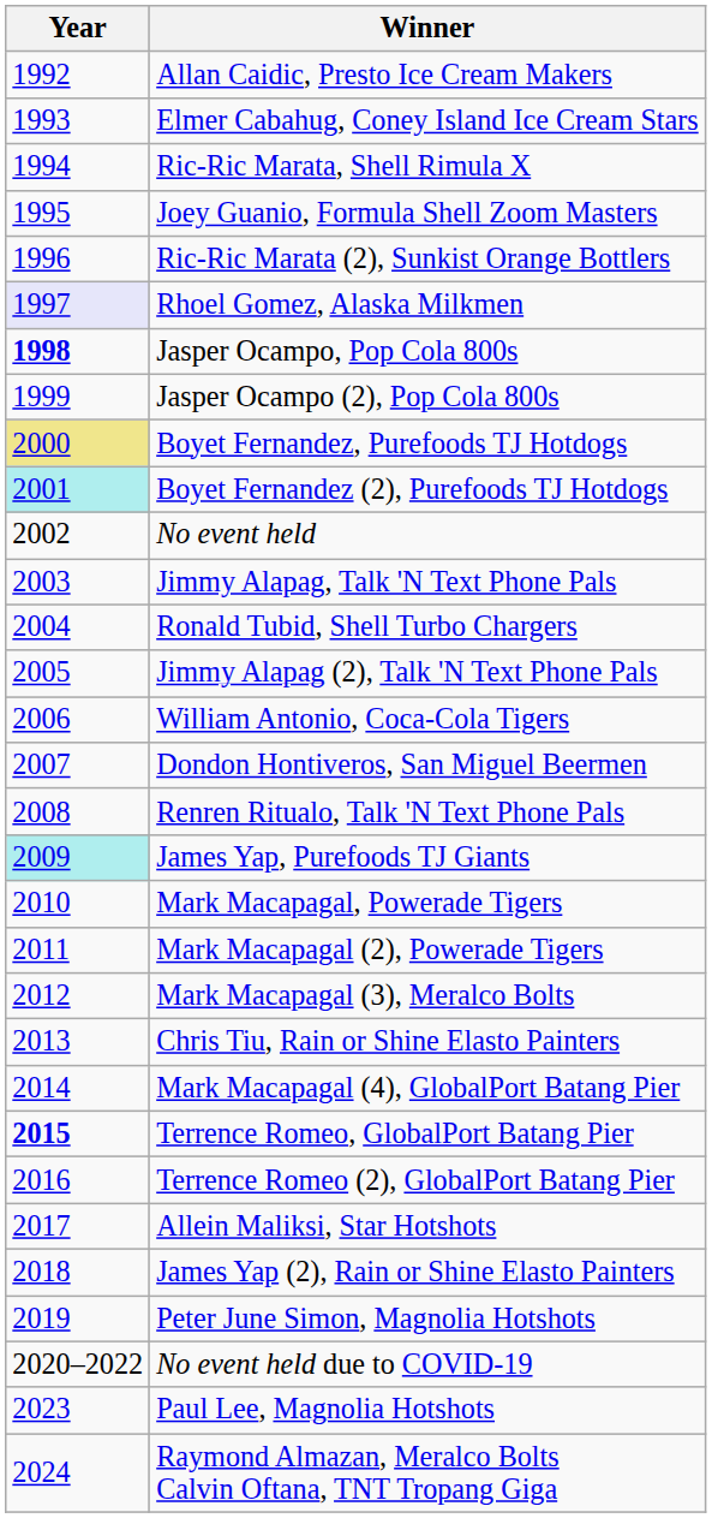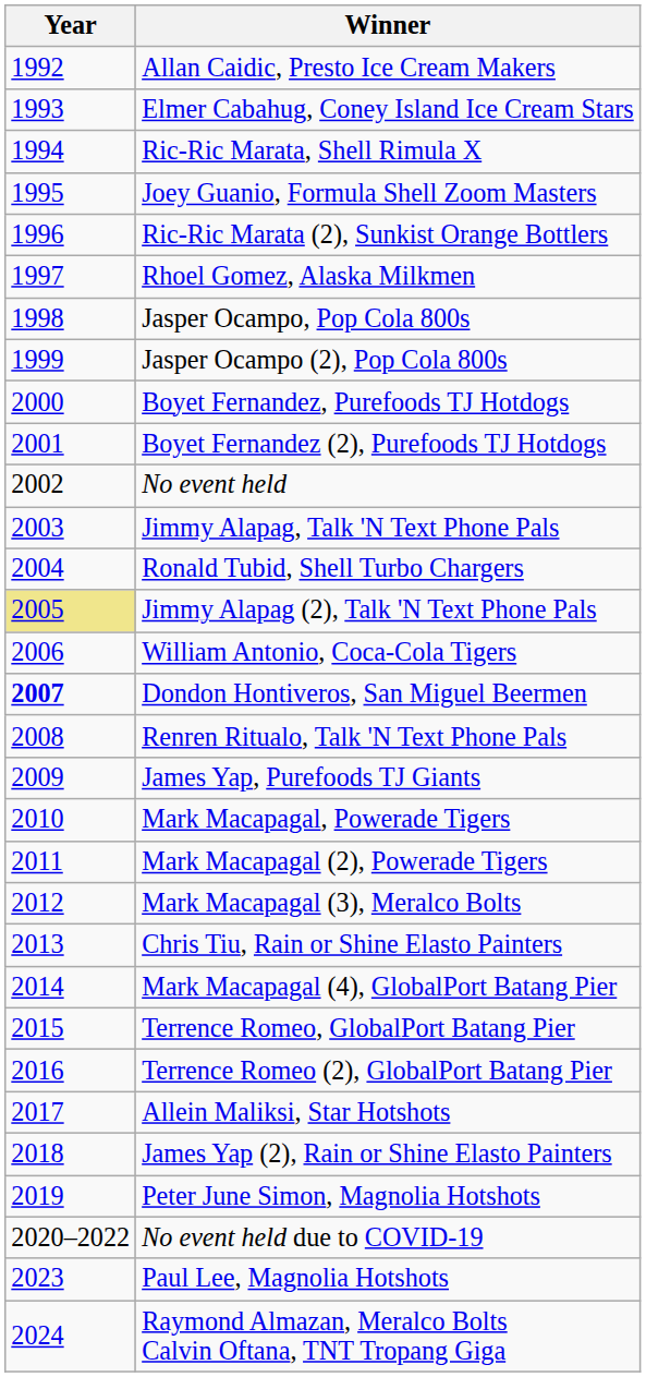 <table class="wikitable sortable">
 <tr>
 <th>Year</th>
 <th>Winner</th>
 </tr>
 <tr>
 <td><a href='#'>1992</a></td>
 <td><a href='#'>Allan Caidic</a>, <a href='#'>Presto Ice Cream Makers</a></td>
 </tr>
 <tr>
 <td><a href='#'>1993</a></td>
 <td><a href='#'>Elmer Cabahug</a>, <a href='#'>Coney Island Ice Cream Stars</a></td>
 </tr>
 <tr>
 <td><a href='#'>1994</a></td>
 <td><a href='#'>Ric-Ric Marata</a>, <a href='#'>Shell Rimula X</a></td>
 </tr>
 <tr>
 <td><a href='#'>1995</a></td>
 <td><a href='#'>Joey Guanio</a>, <a href='#'>Formula Shell Zoom Masters</a></td>
 </tr>
 <tr>
 <td><a href='#'>1996</a></td>
 <td><a href='#'>Ric-Ric Marata</a> (2), <a href='#'>Sunkist Orange Bottlers</a></td>
 </tr>
 <tr>
-<td style="background: lavender;"><a href='#'>1997</a></td>
+<td><a href='#'>1997</a></td>
 <td><a href='#'>Rhoel Gomez</a>, <a href='#'>Alaska Milkmen</a></td>
 </tr>
 <tr>
-<td><strong><a href='#'>1998</a></strong></td>
+<td><a href='#'>1998</a></td>
 <td>Jasper Ocampo, <a href='#'>Pop Cola 800s</a></td>
 </tr>
 <tr>
 <td><a href='#'>1999</a></td>
 <td>Jasper Ocampo (2), <a href='#'>Pop Cola 800s</a></td>
 </tr>
 <tr>
-<td style="background: khaki;"><a href='#'>2000</a></td>
+<td><a href='#'>2000</a></td>
 <td><a href='#'>Boyet Fernandez</a>, <a href='#'>Purefoods TJ Hotdogs</a></td>
 </tr>
 <tr>
-<td style="background: paleturquoise;"><a href='#'>2001</a></td>
+<td><a href='#'>2001</a></td>
 <td><a href='#'>Boyet Fernandez</a> (2), <a href='#'>Purefoods TJ Hotdogs</a></td>
 </tr>
 <tr>
 <td>2002</td>
 <td><em>No event held</em></td>
 </tr>
 <tr>
 <td><a href='#'>2003</a></td>
 <td><a href='#'>Jimmy Alapag</a>, <a href='#'>Talk 'N Text Phone Pals</a></td>
 </tr>
 <tr>
 <td><a href='#'>2004</a></td>
 <td><a href='#'>Ronald Tubid</a>, <a href='#'>Shell Turbo Chargers</a></td>
 </tr>
 <tr>
-<td><a href='#'>2005</a></td>
+<td style="background: khaki;"><a href='#'>2005</a></td>
 <td><a href='#'>Jimmy Alapag</a> (2), <a href='#'>Talk 'N Text Phone Pals</a></td>
 </tr>
 <tr>
 <td><a href='#'>2006</a></td>
 <td><a href='#'>William Antonio</a>, <a href='#'>Coca-Cola Tigers</a></td>
 </tr>
 <tr>
-<td><a href='#'>2007</a></td>
+<td><strong><a href='#'>2007</a></strong></td>
 <td><a href='#'>Dondon Hontiveros</a>, <a href='#'>San Miguel Beermen</a></td>
 </tr>
 <tr>
 <td><a href='#'>2008</a></td>
 <td><a href='#'>Renren Ritualo</a>, <a href='#'>Talk 'N Text Phone Pals</a></td>
 </tr>
 <tr>
-<td style="background: paleturquoise;"><a href='#'>2009</a></td>
+<td><a href='#'>2009</a></td>
 <td><a href='#'>James Yap</a>, <a href='#'>Purefoods TJ Giants</a></td>
 </tr>
 <tr>
 <td><a href='#'>2010</a></td>
 <td><a href='#'>Mark Macapagal</a>, <a href='#'>Powerade Tigers</a></td>
 </tr>
 <tr>
 <td><a href='#'>2011</a></td>
 <td><a href='#'>Mark Macapagal</a> (2), <a href='#'>Powerade Tigers</a></td>
 </tr>
 <tr>
 <td><a href='#'>2012</a></td>
 <td><a href='#'>Mark Macapagal</a> (3), <a href='#'>Meralco Bolts</a></td>
 </tr>
 <tr>
 <td><a href='#'>2013</a></td>
 <td><a href='#'>Chris Tiu</a>, <a href='#'>Rain or Shine Elasto Painters</a></td>
 </tr>
 <tr>
 <td><a href='#'>2014</a></td>
 <td><a href='#'>Mark Macapagal</a> (4), <a href='#'>GlobalPort Batang Pier</a></td>
 </tr>
 <tr>
-<td><strong><a href='#'>2015</a></strong></td>
+<td><a href='#'>2015</a></td>
 <td><a href='#'>Terrence Romeo</a>, <a href='#'>GlobalPort Batang Pier</a></td>
 </tr>
 <tr>
 <td><a href='#'>2016</a></td>
 <td><a href='#'>Terrence Romeo</a> (2), <a href='#'>GlobalPort Batang Pier</a></td>
 </tr>
 <tr>
 <td><a href='#'>2017</a></td>
 <td><a href='#'>Allein Maliksi</a>, <a href='#'>Star Hotshots</a></td>
 </tr>
 <tr>
 <td><a href='#'>2018</a></td>
 <td><a href='#'>James Yap</a> (2), <a href='#'>Rain or Shine Elasto Painters</a></td>
 </tr>
 <tr>
 <td><a href='#'>2019</a></td>
 <td><a href='#'>Peter June Simon</a>, <a href='#'>Magnolia Hotshots</a></td>
 </tr>
 <tr>
 <td>2020–2022</td>
 <td><em>No event held</em> due to <a href='#'>COVID-19</a></td>
 </tr>
 <tr>
 <td><a href='#'>2023</a></td>
 <td><a href='#'>Paul Lee</a>, <a href='#'>Magnolia Hotshots</a></td>
 </tr>
 <tr>
 <td><a href='#'>2024</a></td>
 <td><a href='#'>Raymond Almazan</a>, <a href='#'>Meralco Bolts</a> <br> <a href='#'>Calvin Oftana</a>, <a href='#'>TNT Tropang Giga</a></td>
 </tr>
 </table>
